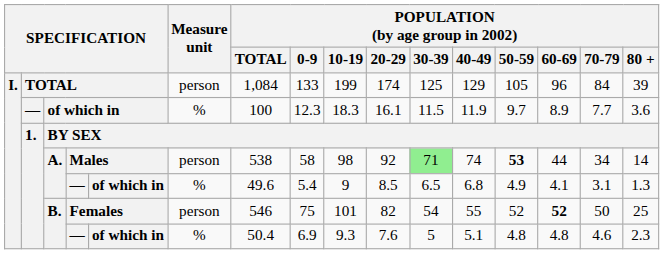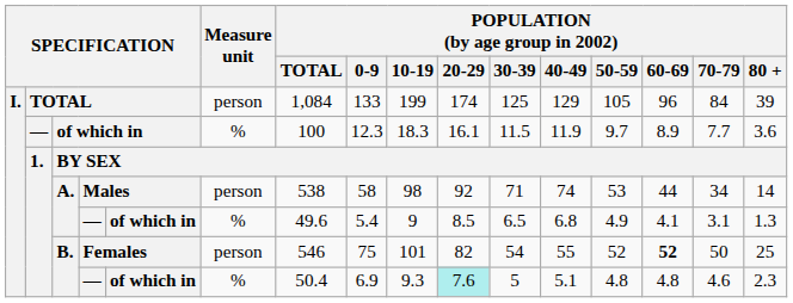 <table class="wikitable" style="font-size:85%; text-align:center">
 <tr>
 <th rowspan="2" colspan="5">SPECIFICATION</th>
 <th rowspan="2">Measure<br> unit</th>
 <th colspan="10" rowspan="1">POPULATION<br> (by age group in 2002)</th>
 </tr>
 <tr>
 <th>TOTAL</th>
 <th>0-9</th>
 <th>10-19</th>
 <th>20-29</th>
 <th>30-39</th>
 <th>40-49</th>
 <th>50-59</th>
 <th>60-69</th>
 <th>70-79</th>
 <th>80 +</th>
 </tr>
 <tr>
 <th style="text-align:left" valign="top" rowspan="7">I.</th>
 <th style="text-align:left" colspan="4">TOTAL</th>
 <td>person</td>
 <td>1,084</td>
 <td>133</td>
 <td>199</td>
 <td>174</td>
 <td>125</td>
 <td>129</td>
 <td>105</td>
 <td>96</td>
 <td>84</td>
 <td>39</td>
 </tr>
 <tr>
 <th style="text-align:left" valign="top">—</th>
 <th style="text-align:left" colspan="3">of which in</th>
 <td>%</td>
 <td>100</td>
 <td>12.3</td>
 <td>18.3</td>
 <td>16.1</td>
 <td>11.5</td>
 <td>11.9</td>
 <td>9.7</td>
 <td>8.9</td>
 <td>7.7</td>
 <td>3.6</td>
 </tr>
 <tr>
 <th style="text-align:left" valign="top" rowspan="5">1.</th>
 <th style="text-align:left" colspan="14">BY SEX</th>
 </tr>
 <tr>
 <th style="text-align:left" valign="top" rowspan="2">A.</th>
 <th style="text-align:left" colspan="2">Males</th>
 <td>person</td>
 <td>538</td>
 <td>58</td>
 <td>98</td>
 <td>92</td>
-<td style="background: lightgreen;">71</td>
+<td>71</td>
 <td>74</td>
-<td><strong>53</strong></td>
+<td>53</td>
 <td>44</td>
 <td>34</td>
 <td>14</td>
 </tr>
 <tr>
 <th style="text-align:left" valign="top">—</th>
 <th style="text-align:left" colspan="1">of which in</th>
 <td>%</td>
 <td>49.6</td>
 <td>5.4</td>
 <td>9</td>
 <td>8.5</td>
 <td>6.5</td>
 <td>6.8</td>
 <td>4.9</td>
 <td>4.1</td>
 <td>3.1</td>
 <td>1.3</td>
 </tr>
 <tr>
 <th style="text-align:left" valign="top" rowspan="2">B.</th>
 <th style="text-align:left" colspan="2">Females</th>
 <td>person</td>
 <td>546</td>
 <td>75</td>
 <td>101</td>
 <td>82</td>
 <td>54</td>
 <td>55</td>
 <td>52</td>
 <td><strong>52</strong></td>
 <td>50</td>
 <td>25</td>
 </tr>
 <tr>
 <th style="text-align:left" valign="top">—</th>
 <th style="text-align:left" colspan="1">of which in</th>
 <td>%</td>
 <td>50.4</td>
 <td>6.9</td>
 <td>9.3</td>
-<td>7.6</td>
+<td style="background: paleturquoise;">7.6</td>
 <td>5</td>
 <td>5.1</td>
 <td>4.8</td>
 <td>4.8</td>
 <td>4.6</td>
 <td>2.3</td>
 </tr>
 </table>
